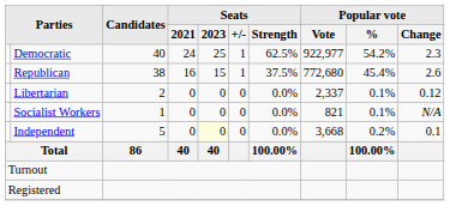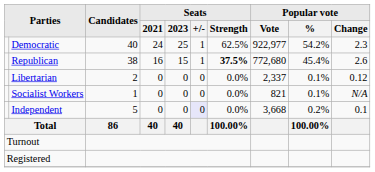 <table class=wikitable>
 <tr>
 <th style="background-color:#E9E9E9" align=center rowspan= 2 colspan=2>Parties</th>
 <th style="background-color:#E9E9E9" align=center rowspan= 2>Candidates</th>
 <th style="background-color:#E9E9E9" align=center colspan=4>Seats</th>
 <th style="background-color:#E9E9E9" align=center colspan=3>Popular vote</th>
 </tr>
 <tr>
 <th align=center>2021</th>
 <th align=center>2023</th>
 <th align=center>+/-</th>
 <th align=center>Strength</th>
 <th align=center>Vote</th>
 <th align=center>%</th>
 <th align=center>Change</th>
 </tr>
 <tr>
 <td></td>
 <td align=left><a href='#'>Democratic</a></td>
 <td align=right>40</td>
 <td align=right>24</td>
 <td align=right>25</td>
 <td align=right> 1</td>
 <td align=right>62.5%</td>
 <td align=right>922,977</td>
 <td align=right>54.2%</td>
 <td align=right> 2.3</td>
 </tr>
 <tr>
 <td></td>
 <td align=left><a href='#'>Republican</a></td>
 <td align=right>38</td>
 <td align=right>16</td>
 <td align=right>15</td>
 <td align=right> 1</td>
-<td align=right>37.5%</td>
+<td align=right><strong>37.5%</strong></td>
 <td align=right>772,680</td>
 <td align=right>45.4%</td>
 <td align=right> 2.6</td>
 </tr>
 <tr>
 <td></td>
 <td><a href='#'>Libertarian</a></td>
 <td align=right>2</td>
 <td align=right>0</td>
 <td align=right>0</td>
 <td align=right> 0</td>
 <td align=right>0.0%</td>
 <td align=right>2,337</td>
 <td align=right>0.1%</td>
 <td align=right> 0.12</td>
 </tr>
 <tr>
 <td></td>
 <td><a href='#'>Socialist Workers</a></td>
 <td align=right>1</td>
 <td align=right>0</td>
 <td align=right>0</td>
 <td align=right> 0</td>
 <td align=right>0.0%</td>
 <td align=right>821</td>
 <td align=right>0.1%</td>
 <td align=right><em>N/A</em></td>
 </tr>
 <tr>
 <td></td>
 <td><a href='#'>Independent</a></td>
 <td align=right>5</td>
 <td align=right>0</td>
-<td align=right style="background: lightyellow;">0</td>
-<td align=right> 0</td>
+<td align=right>0</td>
+<td align=right style="background: lavender;"> 0</td>
 <td align=right>0.0%</td>
 <td align=right>3,668</td>
 <td align=right>0.2%</td>
 <td align=right> 0.1</td>
 </tr>
 <tr>
 <th align=center colspan="2">Total</th>
 <th align=center>86</th>
 <th align=center>40</th>
 <th align=center>40</th>
 <th align=center></th>
 <th align=center>100.00%</th>
 <th align=center></th>
 <th align=center>100.00%</th>
 <th align=center></th>
 </tr>
 <tr>
 <td align=left colspan="2">Turnout</td>
 <td colspan=5></td>
 <td align=right></td>
 <td align=right></td>
 <td align=right></td>
 </tr>
 <tr>
 <td align=left colspan="2">Registered</td>
 <td colspan=5></td>
 <td align=right></td>
 <td align=right></td>
 <td align=right></td>
 </tr>
 <tr>
 </tr>
 </table>
